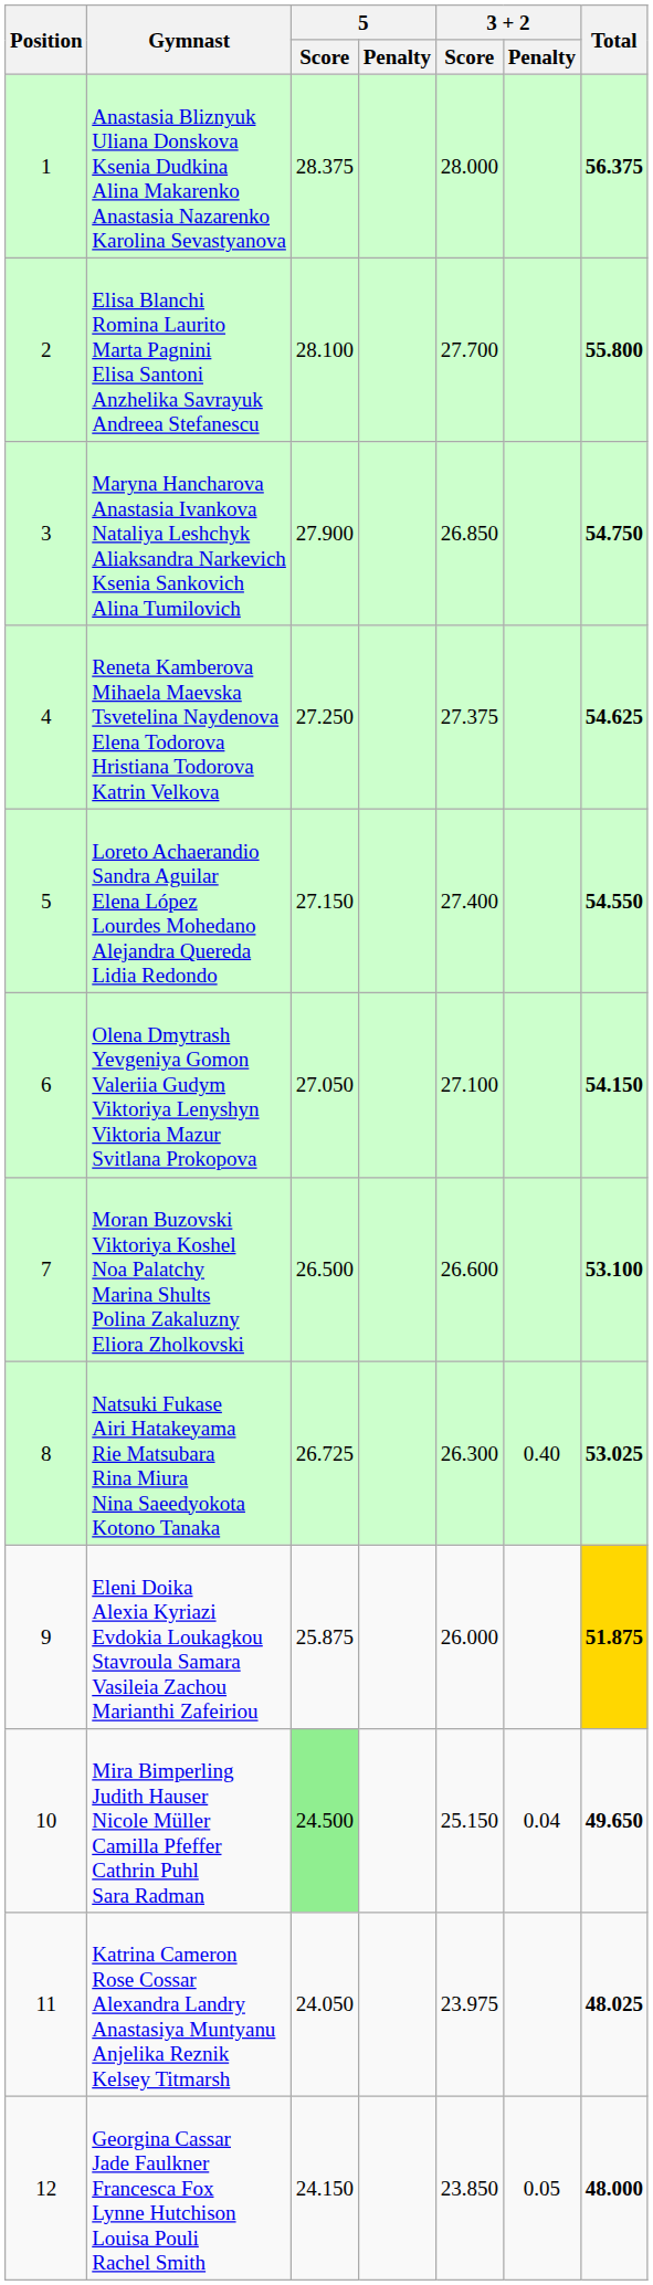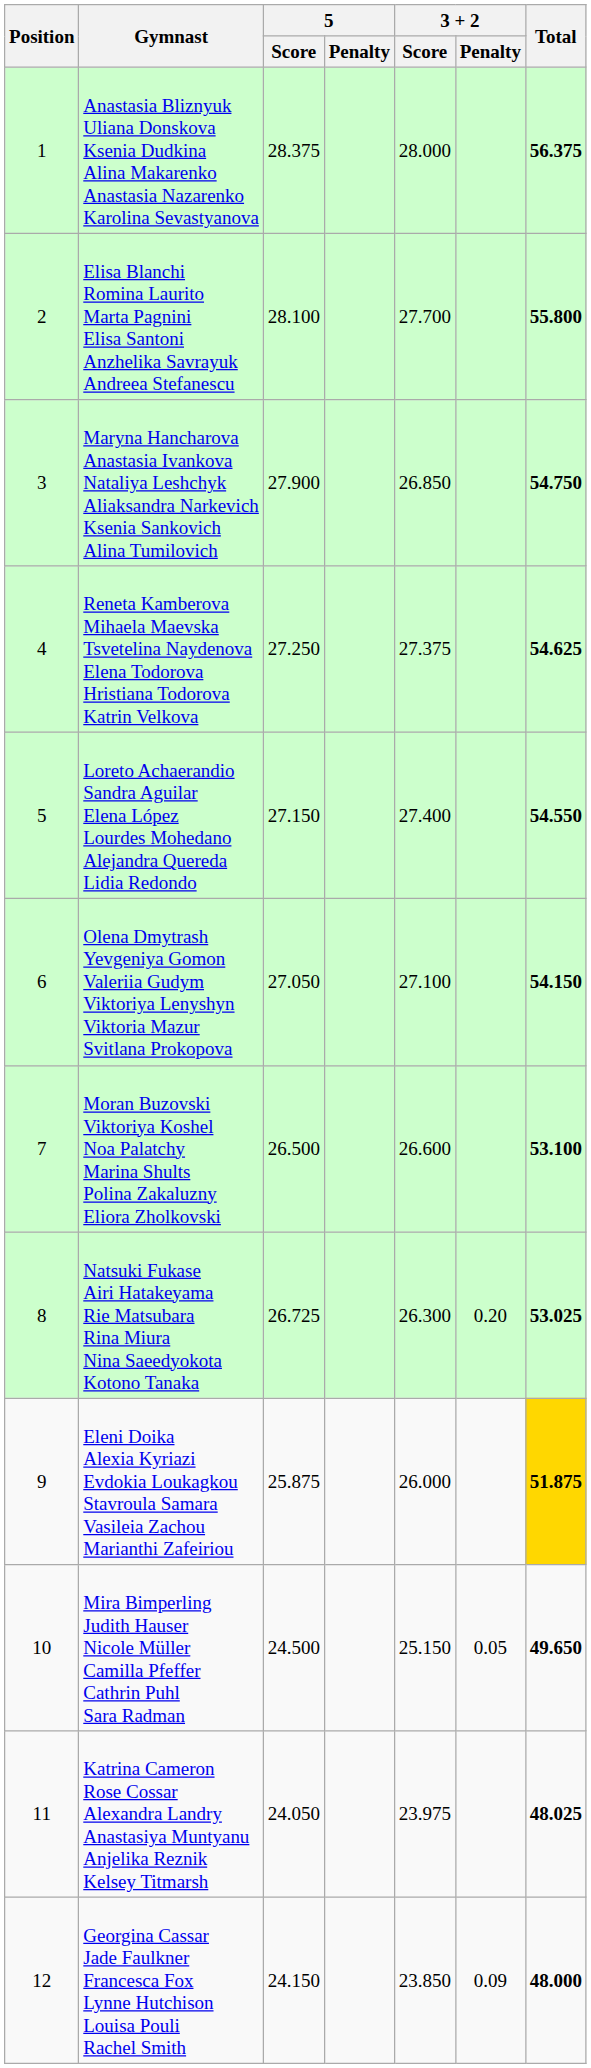 <table class="wikitable sortable" style="text-align:center; font-size:95%">
 <tr>
 <th rowspan="2">Position</th>
 <th rowspan="2">Gymnast</th>
 <th colspan="2">5 </th>
 <th colspan="2">3  + 2 </th>
 <th rowspan="2">Total</th>
 </tr>
 <tr>
 <th>Score</th>
 <th>Penalty</th>
 <th>Score</th>
 <th>Penalty</th>
 </tr>
 <tr bgcolor="ccffcc">
 <td>1</td>
 <td align="left"> <br> <a href='#'>Anastasia Bliznyuk</a> <br> <a href='#'>Uliana Donskova</a> <br> <a href='#'>Ksenia Dudkina</a> <br> <a href='#'>Alina Makarenko</a> <br> <a href='#'>Anastasia Nazarenko</a> <br> <a href='#'>Karolina Sevastyanova</a></td>
 <td>28.375</td>
 <td></td>
 <td>28.000</td>
 <td></td>
 <td><strong>56.375</strong></td>
 </tr>
 <tr bgcolor="ccffcc">
 <td>2</td>
 <td align="left"> <br> <a href='#'>Elisa Blanchi</a> <br> <a href='#'>Romina Laurito</a> <br> <a href='#'>Marta Pagnini</a> <br> <a href='#'>Elisa Santoni</a> <br> <a href='#'>Anzhelika Savrayuk</a> <br> <a href='#'>Andreea Stefanescu</a></td>
 <td>28.100</td>
 <td></td>
 <td>27.700</td>
 <td></td>
 <td><strong>55.800</strong></td>
 </tr>
 <tr bgcolor="ccffcc">
 <td>3</td>
 <td align="left"> <br> <a href='#'>Maryna Hancharova</a> <br> <a href='#'>Anastasia Ivankova</a> <br> <a href='#'>Nataliya Leshchyk</a> <br> <a href='#'>Aliaksandra Narkevich</a> <br> <a href='#'>Ksenia Sankovich</a> <br> <a href='#'>Alina Tumilovich</a></td>
 <td>27.900</td>
 <td></td>
 <td>26.850</td>
 <td></td>
 <td><strong>54.750</strong></td>
 </tr>
 <tr bgcolor="ccffcc">
 <td>4</td>
 <td align="left"> <br> <a href='#'>Reneta Kamberova</a> <br> <a href='#'>Mihaela Maevska</a> <br> <a href='#'>Tsvetelina Naydenova</a> <br> <a href='#'>Elena Todorova</a> <br> <a href='#'>Hristiana Todorova</a> <br> <a href='#'>Katrin Velkova</a></td>
 <td>27.250</td>
 <td></td>
 <td>27.375</td>
 <td></td>
 <td><strong>54.625 </strong></td>
 </tr>
 <tr bgcolor="ccffcc">
 <td>5</td>
 <td align="left"> <br> <a href='#'>Loreto Achaerandio</a> <br> <a href='#'>Sandra Aguilar</a> <br> <a href='#'>Elena López</a> <br> <a href='#'>Lourdes Mohedano</a> <br> <a href='#'>Alejandra Quereda</a> <br> <a href='#'>Lidia Redondo</a></td>
 <td>27.150</td>
 <td></td>
 <td>27.400</td>
 <td></td>
 <td><strong>54.550</strong></td>
 </tr>
 <tr bgcolor="ccffcc">
 <td>6</td>
 <td align="left"> <br> <a href='#'>Olena Dmytrash</a> <br> <a href='#'>Yevgeniya Gomon</a> <br> <a href='#'>Valeriia Gudym</a> <br> <a href='#'>Viktoriya Lenyshyn</a> <br> <a href='#'>Viktoria Mazur</a> <br> <a href='#'>Svitlana Prokopova</a></td>
 <td>27.050</td>
 <td></td>
 <td>27.100</td>
 <td></td>
 <td><strong>54.150</strong></td>
 </tr>
 <tr bgcolor="ccffcc">
 <td>7</td>
 <td align="left"> <br> <a href='#'>Moran Buzovski</a> <br> <a href='#'>Viktoriya Koshel</a> <br> <a href='#'>Noa Palatchy</a> <br> <a href='#'>Marina Shults</a> <br> <a href='#'>Polina Zakaluzny</a> <br> <a href='#'>Eliora Zholkovski</a></td>
 <td>26.500</td>
 <td></td>
 <td>26.600</td>
 <td></td>
 <td><strong>53.100</strong></td>
 </tr>
 <tr bgcolor="ccffcc">
 <td>8</td>
 <td align="left"> <br> <a href='#'>Natsuki Fukase</a> <br> <a href='#'>Airi Hatakeyama</a> <br> <a href='#'>Rie Matsubara</a> <br> <a href='#'>Rina Miura</a> <br> <a href='#'>Nina Saeedyokota</a> <br> <a href='#'>Kotono Tanaka</a></td>
 <td>26.725</td>
 <td></td>
 <td>26.300</td>
-<td>0.40</td>
+<td>0.20</td>
 <td><strong>53.025</strong></td>
 </tr>
 <tr>
 <td>9</td>
 <td align="left"> <br> <a href='#'>Eleni Doika</a> <br> <a href='#'>Alexia Kyriazi</a> <br> <a href='#'>Evdokia Loukagkou</a> <br> <a href='#'>Stavroula Samara</a> <br> <a href='#'>Vasileia Zachou</a> <br> <a href='#'>Marianthi Zafeiriou</a></td>
 <td>25.875</td>
 <td></td>
 <td>26.000</td>
 <td></td>
 <td style="background: gold;"><strong>51.875</strong></td>
 </tr>
 <tr>
 <td>10</td>
 <td align="left"> <br> <a href='#'>Mira Bimperling</a> <br> <a href='#'>Judith Hauser</a> <br> <a href='#'>Nicole Müller</a> <br> <a href='#'>Camilla Pfeffer</a> <br> <a href='#'>Cathrin Puhl</a> <br> <a href='#'>Sara Radman</a></td>
-<td style="background: lightgreen;">24.500</td>
+<td>24.500</td>
 <td></td>
 <td>25.150</td>
-<td>0.04</td>
+<td>0.05</td>
 <td><strong>49.650</strong></td>
 </tr>
 <tr>
 <td>11</td>
 <td align="left"> <br> <a href='#'>Katrina Cameron</a> <br> <a href='#'>Rose Cossar</a> <br> <a href='#'>Alexandra Landry</a> <br> <a href='#'>Anastasiya Muntyanu</a> <br> <a href='#'>Anjelika Reznik</a> <br> <a href='#'>Kelsey Titmarsh</a></td>
 <td>24.050</td>
 <td></td>
 <td>23.975</td>
 <td></td>
 <td><strong>48.025</strong></td>
 </tr>
 <tr>
 <td>12</td>
 <td align="left"> <br> <a href='#'>Georgina Cassar</a> <br> <a href='#'>Jade Faulkner</a> <br> <a href='#'>Francesca Fox</a> <br> <a href='#'>Lynne Hutchison</a> <br> <a href='#'>Louisa Pouli</a> <br> <a href='#'>Rachel Smith</a></td>
 <td>24.150</td>
 <td></td>
 <td>23.850</td>
-<td>0.05</td>
+<td>0.09</td>
 <td><strong>48.000</strong></td>
 </tr>
 </table>
